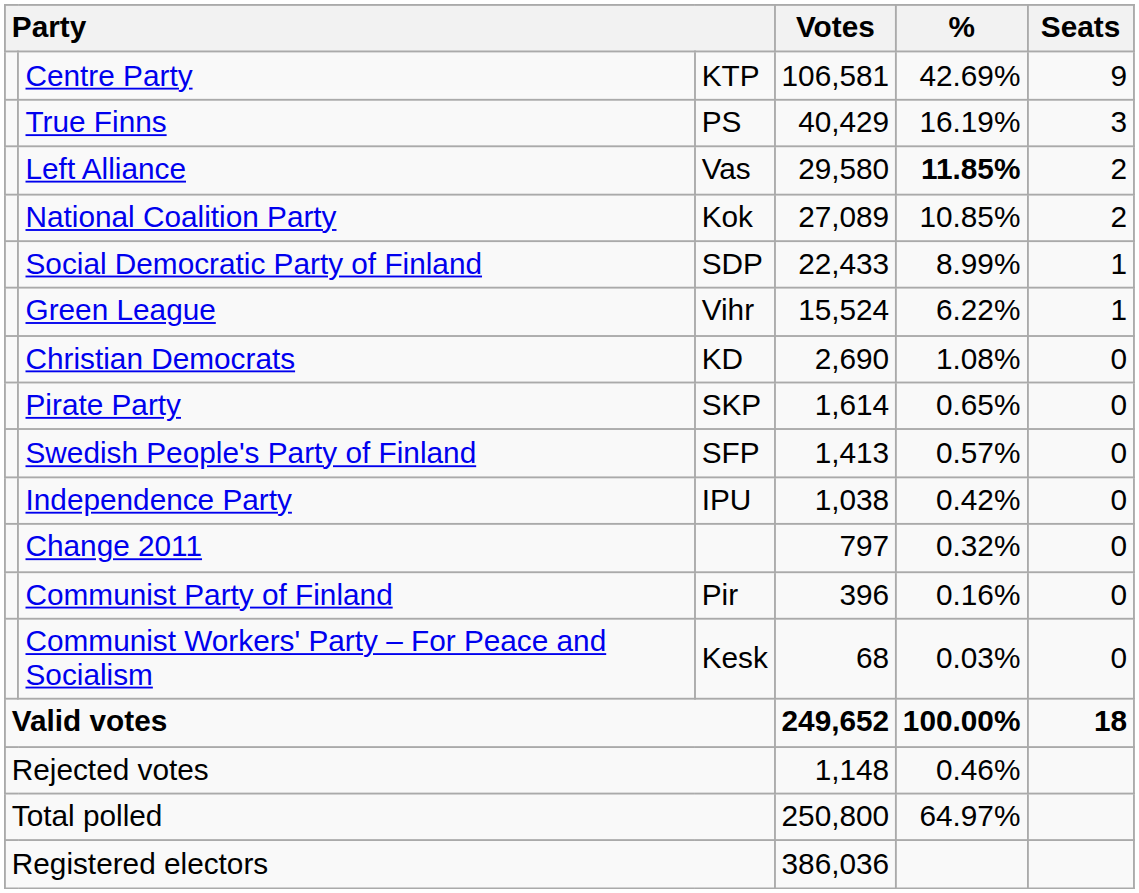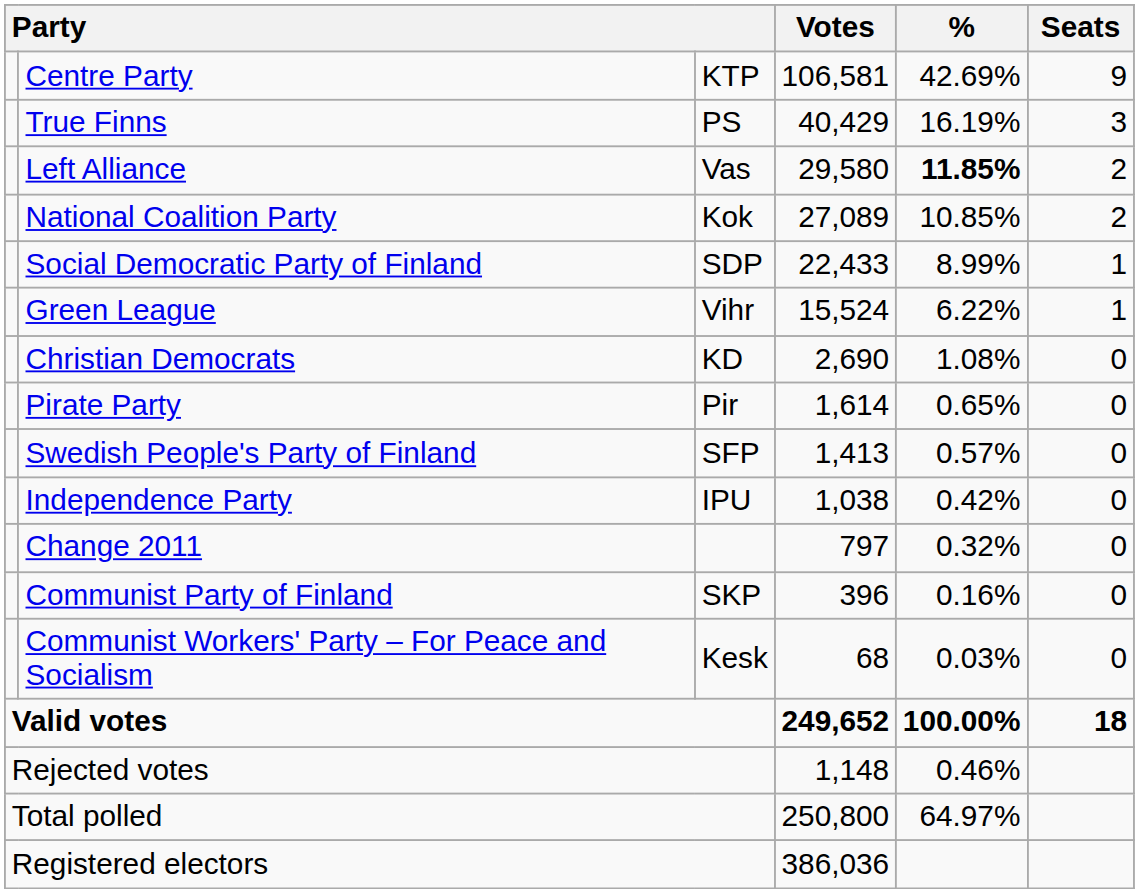 <table class="wikitable" border="1" style="text-align:right;">
 <tr>
 <th style="text-align:left;" colspan=3>Party</th>
 <th align=center width="50">Votes</th>
 <th align=center width="50">%</th>
 <th align=center width="50">Seats</th>
 </tr>
 <tr>
 <td></td>
 <td align=left><a href='#'>Centre Party</a></td>
 <td align=left>KTP</td>
 <td>106,581</td>
 <td>42.69%</td>
 <td>9</td>
 </tr>
 <tr>
 <td></td>
 <td align=left><a href='#'>True Finns</a></td>
 <td align=left>PS</td>
 <td>40,429</td>
 <td>16.19%</td>
 <td>3</td>
 </tr>
 <tr>
 <td></td>
 <td align=left><a href='#'>Left Alliance</a></td>
 <td align=left>Vas</td>
 <td>29,580</td>
 <td><strong>11.85%</strong></td>
 <td>2</td>
 </tr>
 <tr>
 <td></td>
 <td align=left><a href='#'>National Coalition Party</a></td>
 <td align=left>Kok</td>
 <td>27,089</td>
 <td>10.85%</td>
 <td>2</td>
 </tr>
 <tr>
 <td></td>
 <td align=left style="white-space: nowrap;"><a href='#'>Social Democratic Party of Finland</a></td>
 <td align=left>SDP</td>
 <td>22,433</td>
 <td>8.99%</td>
 <td>1</td>
 </tr>
 <tr>
 <td></td>
 <td align=left><a href='#'>Green League</a></td>
 <td align=left>Vihr</td>
 <td>15,524</td>
 <td>6.22%</td>
 <td>1</td>
 </tr>
 <tr>
 <td></td>
 <td align=left><a href='#'>Christian Democrats</a></td>
 <td align=left>KD</td>
 <td>2,690</td>
 <td>1.08%</td>
 <td>0</td>
 </tr>
 <tr>
 <td></td>
 <td align=left><a href='#'>Pirate Party</a></td>
-<td align=left>SKP</td>
+<td align=left>Pir</td>
 <td>1,614</td>
 <td>0.65%</td>
 <td>0</td>
 </tr>
 <tr>
 <td></td>
 <td align=left><a href='#'>Swedish People's Party of Finland</a></td>
 <td align=left>SFP</td>
 <td>1,413</td>
 <td>0.57%</td>
 <td>0</td>
 </tr>
 <tr>
 <td></td>
 <td align=left><a href='#'>Independence Party</a></td>
 <td align=left>IPU</td>
 <td>1,038</td>
 <td>0.42%</td>
 <td>0</td>
 </tr>
 <tr>
 <td></td>
 <td align=left><a href='#'>Change 2011</a></td>
 <td align=left></td>
 <td>797</td>
 <td>0.32%</td>
 <td>0</td>
 </tr>
 <tr>
 <td></td>
 <td align=left><a href='#'>Communist Party of Finland</a></td>
-<td align=left>Pir</td>
+<td align=left>SKP</td>
 <td>396</td>
 <td>0.16%</td>
 <td>0</td>
 </tr>
 <tr>
 <td></td>
 <td align=left><a href='#'>Communist Workers' Party – For Peace and Socialism</a></td>
 <td align=left>Kesk</td>
 <td>68</td>
 <td>0.03%</td>
 <td>0</td>
 </tr>
 <tr style="font-weight:bold">
 <td align=left colspan=3>Valid votes</td>
 <td>249,652</td>
 <td>100.00%</td>
 <td>18</td>
 </tr>
 <tr>
 <td align=left colspan=3>Rejected votes</td>
 <td>1,148</td>
 <td>0.46%</td>
 <td></td>
 </tr>
 <tr>
 <td align=left colspan=3>Total polled</td>
 <td>250,800</td>
 <td>64.97%</td>
 <td></td>
 </tr>
 <tr>
 <td align=left colspan=3>Registered electors</td>
 <td>386,036</td>
 <td></td>
 <td></td>
 </tr>
 </table>
